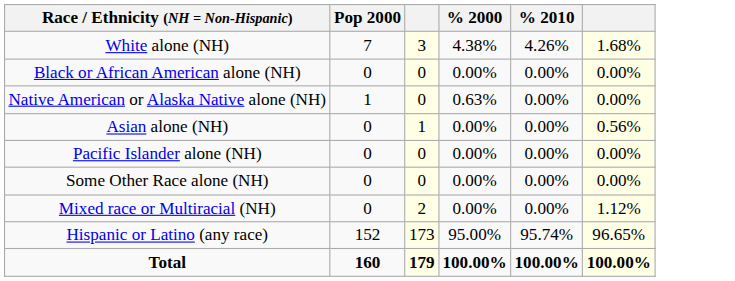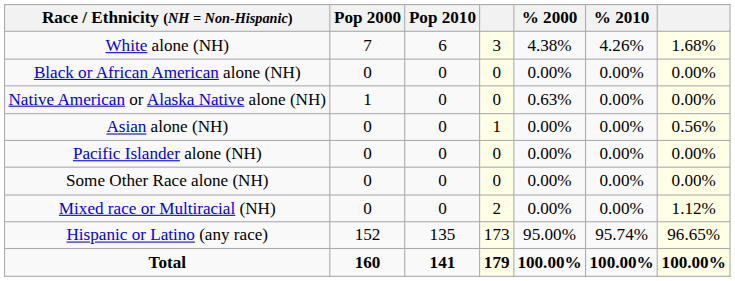 <table class="wikitable" style="text-align:center;">
 <tr>
 <th>Race / Ethnicity <small>(<em>NH = Non-Hispanic</em>)</small></th>
 <th>Pop 2000</th>
+<th>Pop 2010</th>
 <th></th>
 <th>% 2000</th>
 <th>% 2010</th>
 <th></th>
 </tr>
 <tr>
 <td><a href='#'>White</a> alone (NH)</td>
 <td>7</td>
+<td>6</td>
 <td style='background: #ffffe6;'>3</td>
 <td>4.38%</td>
 <td>4.26%</td>
 <td style='background: #ffffe6;'>1.68%</td>
 </tr>
 <tr>
 <td><a href='#'>Black or African American</a> alone (NH)</td>
+<td>0</td>
 <td>0</td>
 <td style='background: #ffffe6;'>0</td>
 <td>0.00%</td>
 <td>0.00%</td>
 <td style='background: #ffffe6;'>0.00%</td>
 </tr>
 <tr>
 <td><a href='#'>Native American</a> or <a href='#'>Alaska Native</a> alone (NH)</td>
 <td>1</td>
+<td>0</td>
 <td style='background: #ffffe6;'>0</td>
 <td>0.63%</td>
 <td>0.00%</td>
 <td style='background: #ffffe6;'>0.00%</td>
 </tr>
 <tr>
 <td><a href='#'>Asian</a> alone (NH)</td>
+<td>0</td>
 <td>0</td>
 <td style='background: #ffffe6;'>1</td>
 <td>0.00%</td>
 <td>0.00%</td>
 <td style='background: #ffffe6;'>0.56%</td>
 </tr>
 <tr>
 <td><a href='#'>Pacific Islander</a> alone (NH)</td>
 <td>0</td>
+<td>0</td>
 <td style='background: #ffffe6;'>0</td>
 <td>0.00%</td>
 <td>0.00%</td>
 <td style='background: #ffffe6;'>0.00%</td>
 </tr>
 <tr>
 <td>Some Other Race alone (NH)</td>
+<td>0</td>
 <td>0</td>
 <td style='background: #ffffe6;'>0</td>
 <td>0.00%</td>
 <td>0.00%</td>
 <td style='background: #ffffe6;'>0.00%</td>
 </tr>
 <tr>
 <td><a href='#'>Mixed race or Multiracial</a> (NH)</td>
 <td>0</td>
+<td>0</td>
 <td style='background: #ffffe6;'>2</td>
 <td>0.00%</td>
 <td>0.00%</td>
 <td style='background: #ffffe6;'>1.12%</td>
 </tr>
 <tr>
 <td><a href='#'>Hispanic or Latino</a> (any race)</td>
 <td>152</td>
+<td>135</td>
 <td style='background: #ffffe6;'>173</td>
 <td>95.00%</td>
 <td>95.74%</td>
 <td style='background: #ffffe6;'>96.65%</td>
 </tr>
 <tr>
 <td><strong>Total</strong></td>
 <td><strong>160</strong></td>
+<td><strong>141</strong></td>
 <td style='background: #ffffe6;'><strong>179</strong></td>
 <td><strong>100.00%</strong></td>
 <td><strong>100.00%</strong></td>
 <td style='background: #ffffe6;'><strong>100.00%</strong></td>
 </tr>
 </table>
